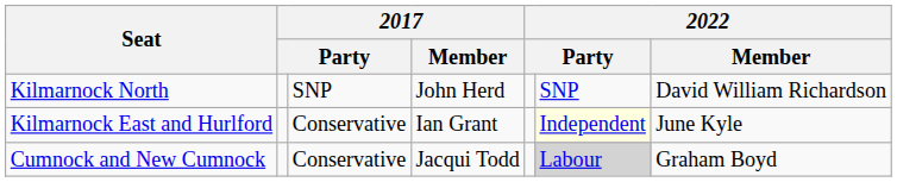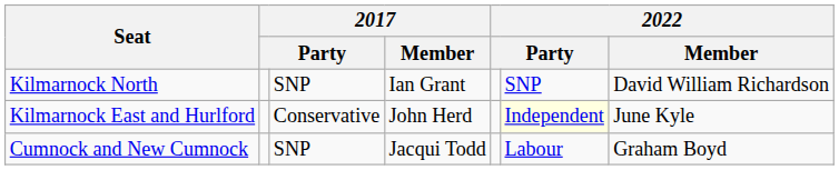 <table class="wikitable">
 <tr>
 <th scope="col" rowspan="2" style="text-align:center">Seat</th>
 <th scope="col" colspan="3" style="text-align:center"><em>2017</em></th>
 <th scope="col" colspan="3" style="text-align:center"><em>2022</em></th>
 </tr>
 <tr>
 <th colspan="2" style="text-align:center">Party</th>
 <th style="text-align:center">Member</th>
 <th colspan="2" style="text-align:center">Party</th>
 <th style="text-align:center">Member</th>
 </tr>
 <tr>
 <td scope="row"><a href='#'>Kilmarnock North</a></td>
 <td></td>
 <td>SNP</td>
-<td>John Herd</td>
+<td>Ian Grant</td>
 <td></td>
 <td><a href='#'>SNP</a></td>
 <td>David William Richardson</td>
 </tr>
 <tr>
 <td scope="row"><a href='#'>Kilmarnock East and Hurlford</a></td>
 <td></td>
 <td>Conservative</td>
-<td>Ian Grant</td>
+<td>John Herd</td>
 <td></td>
 <td style="background: lightyellow;"><a href='#'>Independent</a></td>
 <td>June Kyle</td>
 </tr>
 <tr>
 <td scope="row"><a href='#'>Cumnock and New Cumnock</a></td>
 <td></td>
-<td>Conservative</td>
+<td>SNP</td>
 <td>Jacqui Todd</td>
 <td></td>
-<td scope="row" style="background: lightgrey;"><a href='#'>Labour</a></td>
+<td scope="row"><a href='#'>Labour</a></td>
 <td>Graham Boyd</td>
 </tr>
 </table>
